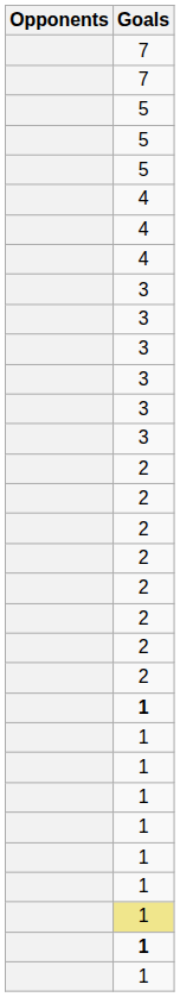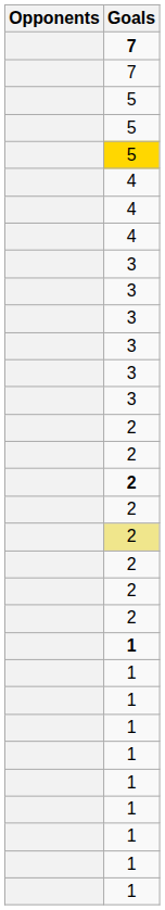 <table class="wikitable sortable plainrowheaders" style="text-align:center">
 <tr>
 <th scope=col>Opponents</th>
 <th scope=col>Goals</th>
 </tr>
 <tr>
 <th scope=row></th>
-<td>7</td>
+<td><strong>7</strong></td>
 </tr>
 <tr>
 <th scope=row></th>
 <td>7</td>
 </tr>
 <tr>
 <th scope=row></th>
 <td>5</td>
 </tr>
 <tr>
 <th scope=row></th>
 <td>5</td>
 </tr>
 <tr>
 <th scope=row></th>
-<td>5</td>
+<td style="background: gold;">5</td>
 </tr>
 <tr>
 <th scope=row></th>
 <td>4</td>
 </tr>
 <tr>
 <th scope=row></th>
 <td>4</td>
 </tr>
 <tr>
 <th scope=row></th>
 <td>4</td>
 </tr>
 <tr>
 <th scope=row></th>
 <td>3</td>
 </tr>
 <tr>
 <th scope=row></th>
 <td>3</td>
 </tr>
 <tr>
 <th scope=row></th>
 <td>3</td>
 </tr>
 <tr>
 <th scope=row></th>
 <td>3</td>
 </tr>
 <tr>
 <th scope=row></th>
 <td>3</td>
 </tr>
 <tr>
 <th scope=row></th>
 <td>3</td>
 </tr>
 <tr>
 <th scope=row></th>
 <td>2</td>
 </tr>
 <tr>
 <th scope=row></th>
 <td>2</td>
 </tr>
 <tr>
 <th scope=row></th>
-<td>2</td>
+<td><strong>2</strong></td>
 </tr>
 <tr>
 <th scope=row></th>
 <td>2</td>
 </tr>
 <tr>
 <th scope=row></th>
-<td>2</td>
+<td style="background: khaki;">2</td>
 </tr>
 <tr>
 <th scope=row></th>
 <td>2</td>
 </tr>
 <tr>
 <th scope=row></th>
 <td>2</td>
 </tr>
 <tr>
 <th scope=row></th>
 <td>2</td>
 </tr>
 <tr>
 <th scope=row></th>
 <td><strong>1</strong></td>
 </tr>
 <tr>
 <th scope=row></th>
 <td>1</td>
 </tr>
 <tr>
 <th scope=row></th>
 <td>1</td>
 </tr>
 <tr>
 <th scope=row></th>
 <td>1</td>
 </tr>
 <tr>
 <th scope=row></th>
 <td>1</td>
 </tr>
 <tr>
 <th scope=row></th>
 <td>1</td>
 </tr>
 <tr>
 <th scope=row></th>
 <td>1</td>
 </tr>
 <tr>
 <th scope=row></th>
-<td style="background: khaki;">1</td>
+<td>1</td>
 </tr>
 <tr>
 <th scope=row></th>
-<td><strong>1</strong></td>
+<td>1</td>
 </tr>
 <tr>
 <th scope=row></th>
 <td>1</td>
 </tr>
 </table>
